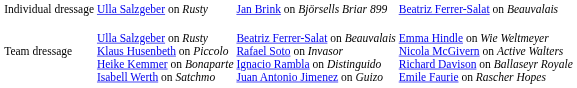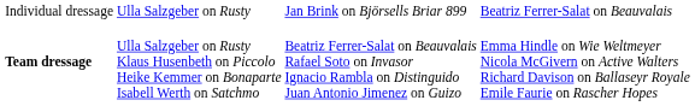 <table>
 <tr>
 <td>Individual dressage<br></td>
 <td> <a href='#'>Ulla Salzgeber</a> on <em>Rusty</em></td>
 <td> <a href='#'>Jan Brink</a> on <em>Björsells Briar 899</em></td>
 <td> <a href='#'>Beatriz Ferrer-Salat</a> on <em>Beauvalais</em></td>
 </tr>
 <tr>
-<td>Team dressage<br></td>
+<td><strong>Team dressage<br></strong></td>
 <td><br><a href='#'>Ulla Salzgeber</a> on <em>Rusty</em><br><a href='#'>Klaus Husenbeth</a> on <em>Piccolo</em><br><a href='#'>Heike Kemmer</a> on <em>Bonaparte</em><br><a href='#'>Isabell Werth</a> on <em>Satchmo</em></td>
 <td><br><a href='#'>Beatriz Ferrer-Salat</a> on <em>Beauvalais</em><br><a href='#'>Rafael Soto</a> on <em>Invasor</em><br><a href='#'>Ignacio Rambla</a> on <em>Distinguido</em><br><a href='#'>Juan Antonio Jimenez</a> on <em>Guizo</em></td>
 <td><br><a href='#'>Emma Hindle</a> on <em>Wie Weltmeyer</em><br><a href='#'>Nicola McGivern</a> on <em>Active Walters</em><br><a href='#'>Richard Davison</a> on <em>Ballaseyr Royale</em><br><a href='#'>Emile Faurie</a> on <em>Rascher Hopes</em></td>
 </tr>
 </table>
